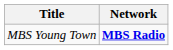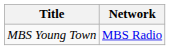 <table class="wikitable">
 <tr>
 <th>Title</th>
 <th>Network</th>
 </tr>
 <tr>
 <td><em>MBS Young Town</em></td>
-<td><strong><a href='#'>MBS Radio</a></strong></td>
+<td><a href='#'>MBS Radio</a></td>
 </tr>
 </table>
